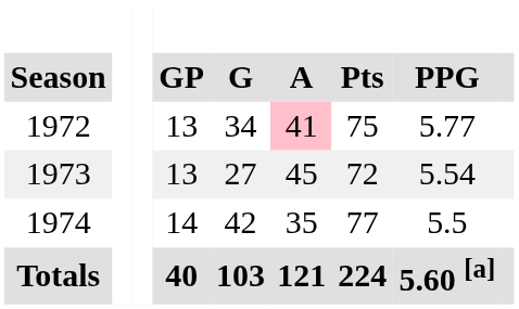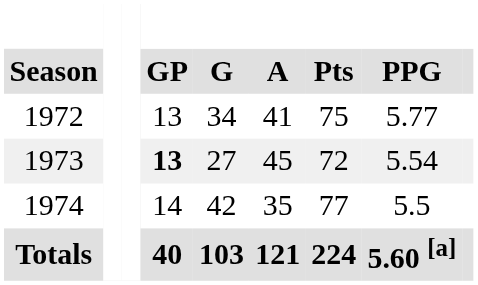 <table BORDER="0" CELLPADDING="3" CELLSPACING="0">
 <tr ALIGN="center" bgcolor="#e0e0e0">
 <th colspan="1" bgcolor="#ffffff"> </th>
 <th rowspan="99" bgcolor="#ffffff"> </th>
 <th rowspan="99" bgcolor="#ffffff"> </th>
 </tr>
 <tr ALIGN="center" bgcolor="#e0e0e0">
 <th>Season</th>
 <th>GP</th>
 <th>G</th>
 <th>A</th>
 <th>Pts</th>
 <th>PPG</th>
 <th></th>
 </tr>
 <tr ALIGN="center">
 <td>1972</td>
 <td>13</td>
 <td>34</td>
-<td style="background: pink;">41</td>
+<td>41</td>
 <td>75</td>
 <td>5.77</td>
 <td></td>
 </tr>
 <tr ALIGN="center" bgcolor="#f0f0f0">
 <td>1973</td>
-<td>13</td>
+<td><strong>13</strong></td>
 <td>27</td>
 <td>45</td>
 <td>72</td>
 <td>5.54</td>
 <td></td>
 </tr>
 <tr ALIGN="center">
 <td>1974</td>
 <td>14</td>
 <td>42</td>
 <td>35</td>
 <td>77</td>
 <td>5.5</td>
 <td></td>
 </tr>
 <tr ALIGN="center"  bgcolor="#e0e0e0">
 <th colspan="1.5">Totals</th>
 <th>40</th>
 <th>103</th>
 <th>121</th>
 <th>224</th>
 <th>5.60 <sup><strong>[a]</strong></sup></th>
 <th></th>
 </tr>
 </table>
